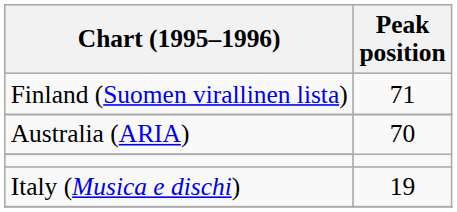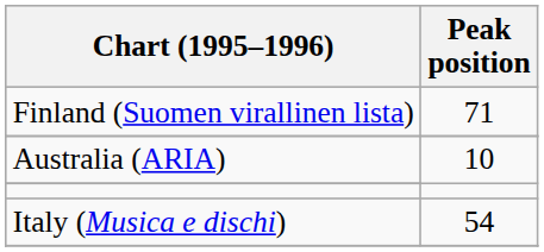 <table class="wikitable sortable plainrowheaders">
 <tr>
 <th>Chart (1995–1996)</th>
 <th>Peak<br>position</th>
 </tr>
 <tr>
 <td>Finland (<a href='#'>Suomen virallinen lista</a>)</td>
 <td align="center">71</td>
 </tr>
 <tr>
 </tr>
 <tr>
 </tr>
 <tr>
 </tr>
 <tr>
 <td>Australia (<a href='#'>ARIA</a>)</td>
-<td align="center">70</td>
+<td align="center">10</td>
 </tr>
 <tr>
 </tr>
 <tr>
 <td></td>
 </tr>
 <tr>
 <td>Italy (<em><a href='#'>Musica e dischi</a></em>)</td>
-<td align="center">19</td>
+<td align="center">54</td>
 </tr>
 <tr>
 </tr>
 <tr>
 </tr>
 <tr>
 </tr>
 <tr>
 </tr>
 </table>
